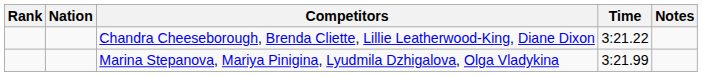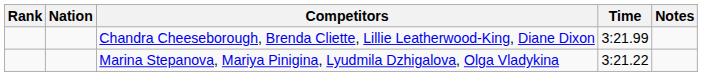 <table class="wikitable sortable" style="text-align:center; font-size:95%">
 <tr>
 <th>Rank</th>
 <th>Nation</th>
 <th>Competitors</th>
 <th>Time</th>
 <th>Notes</th>
 </tr>
 <tr>
 <td></td>
 <td align=left></td>
 <td align=left><a href='#'>Chandra Cheeseborough</a>, <a href='#'>Brenda Cliette</a>, <a href='#'>Lillie Leatherwood-King</a>, <a href='#'>Diane Dixon</a></td>
-<td>3:21.22</td>
+<td>3:21.99</td>
 <td></td>
 </tr>
 <tr>
 <td></td>
 <td align=left></td>
 <td align=left><a href='#'>Marina Stepanova</a>, <a href='#'>Mariya Pinigina</a>, <a href='#'>Lyudmila Dzhigalova</a>, <a href='#'>Olga Vladykina</a></td>
-<td>3:21.99</td>
+<td>3:21.22</td>
 <td></td>
 </tr>
 </table>
